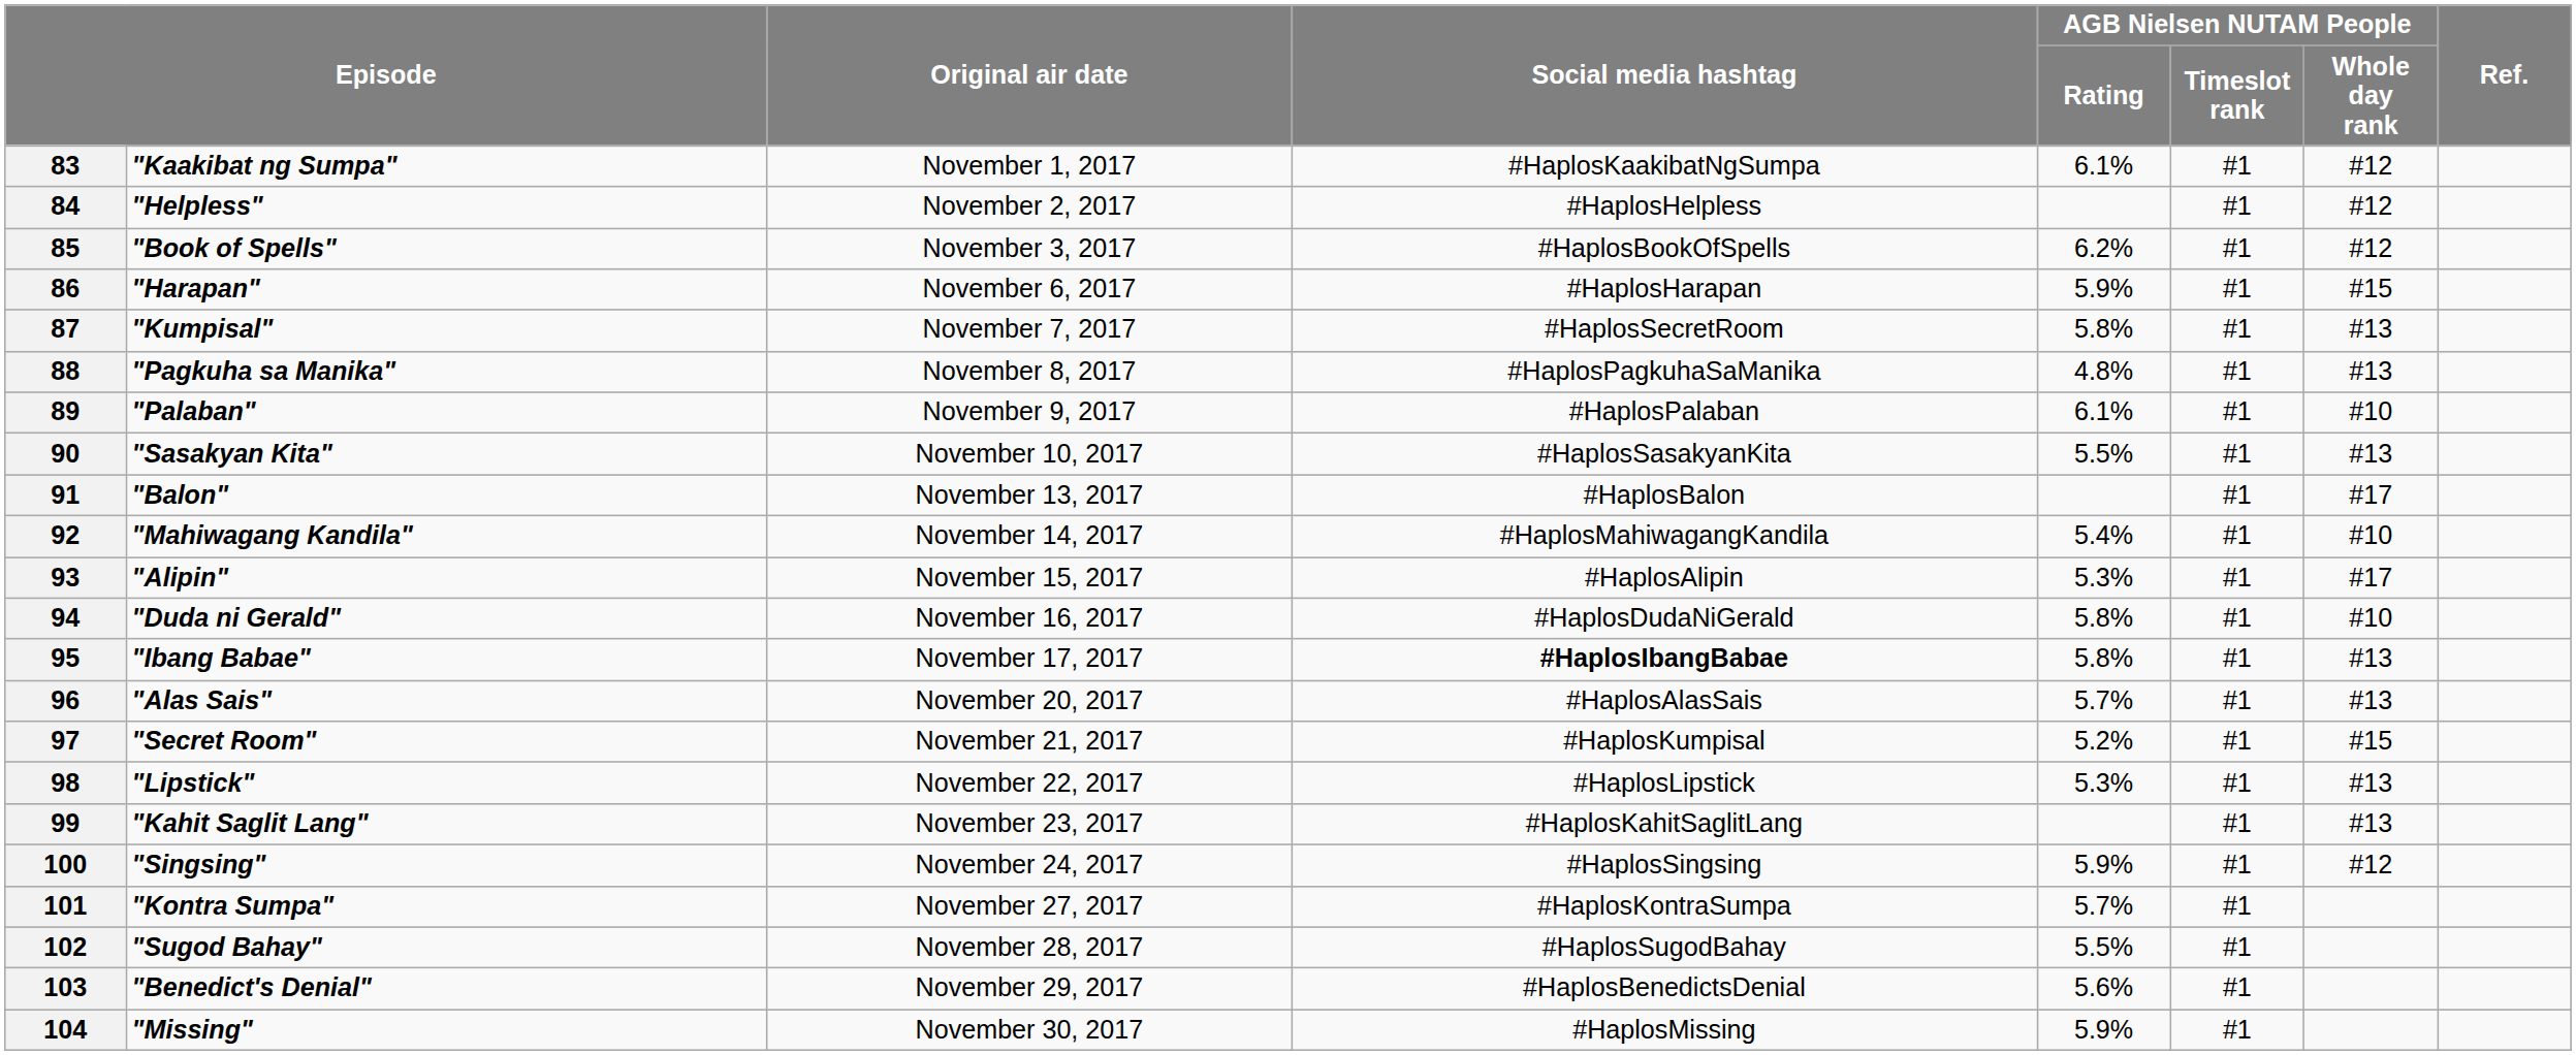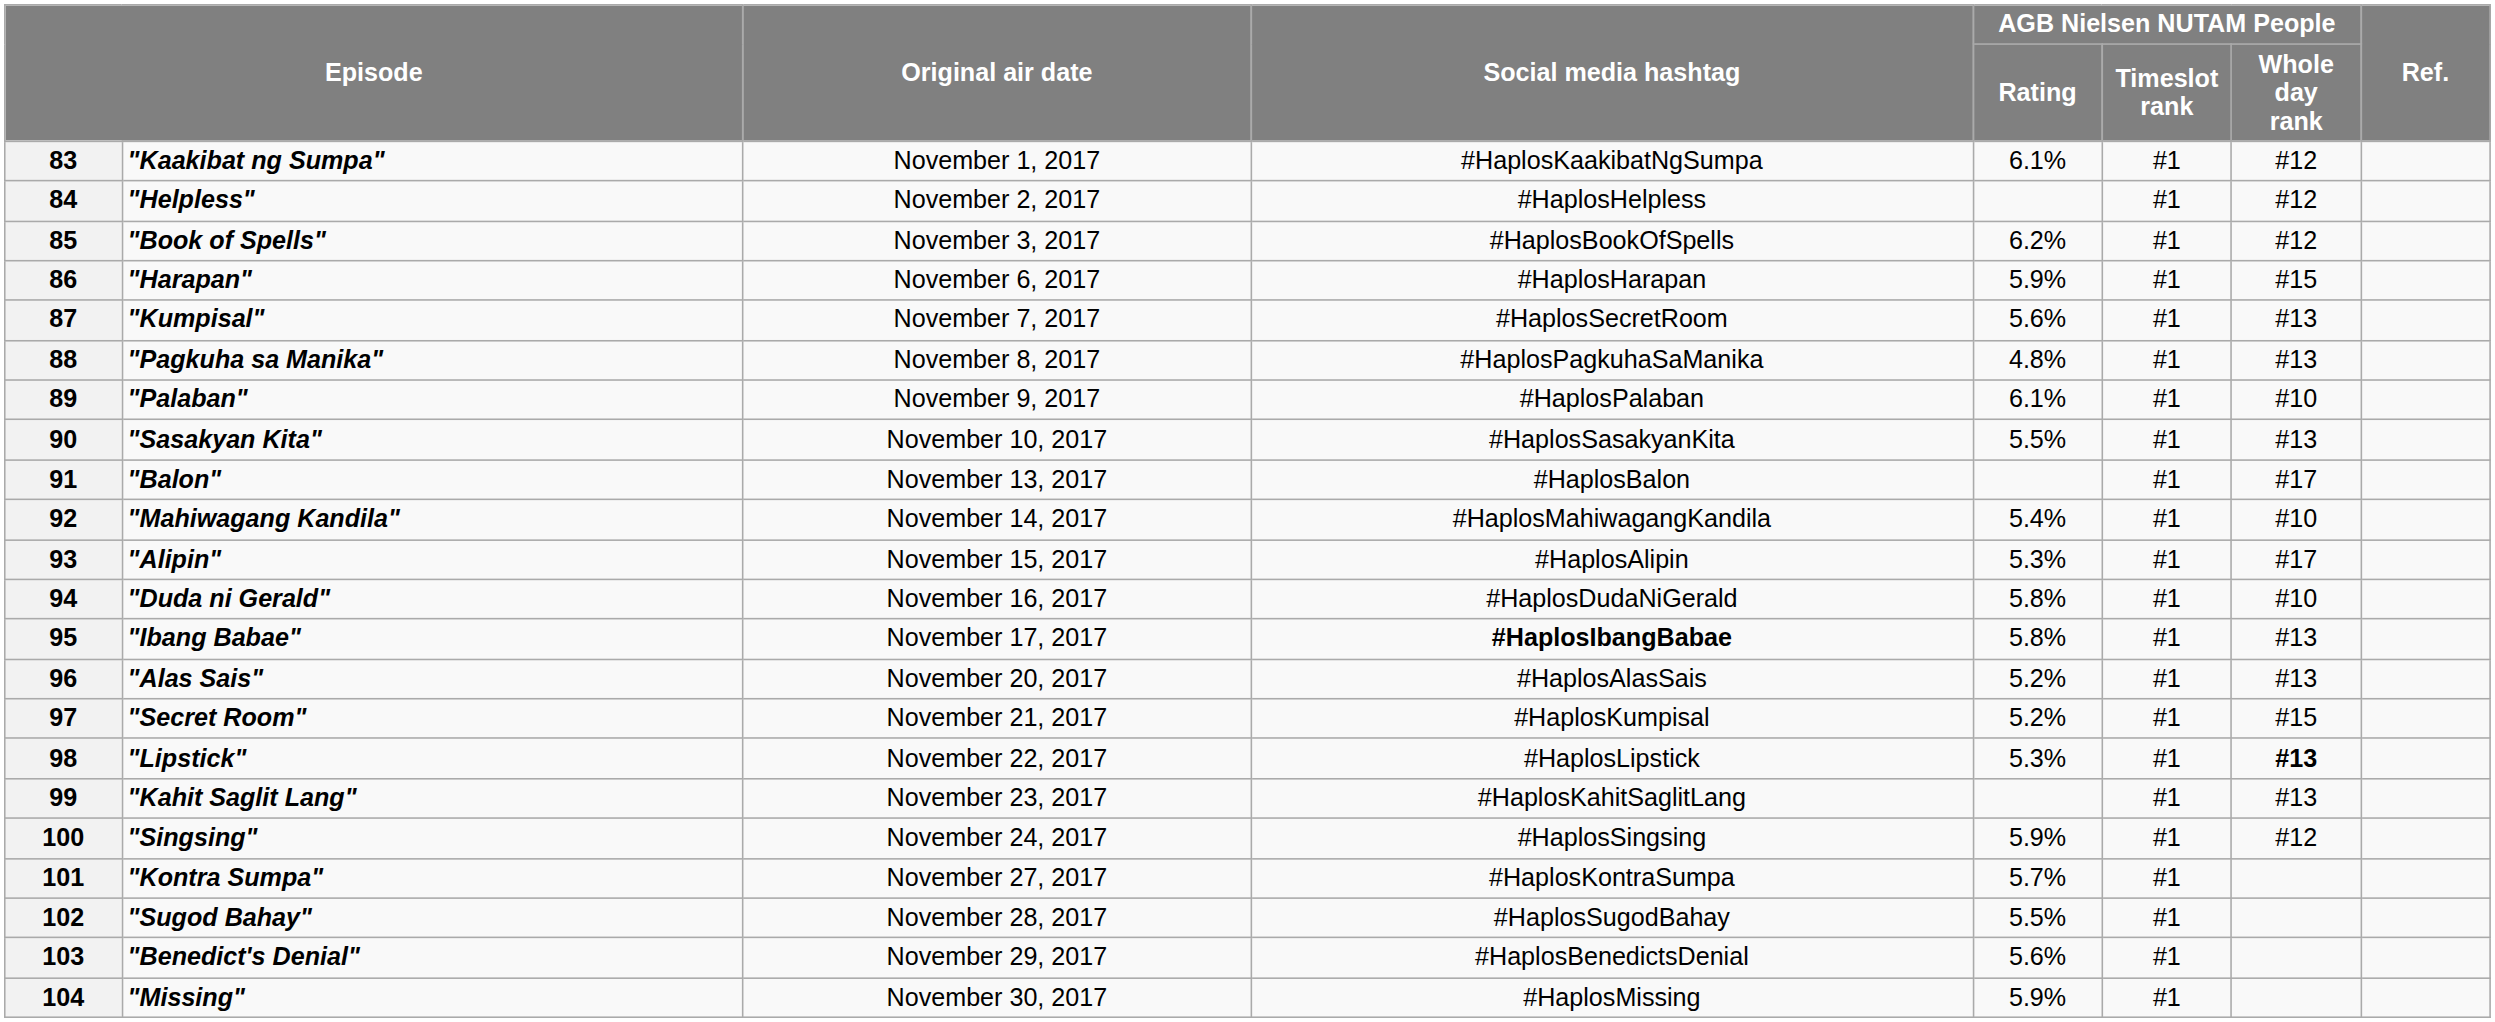 <table class="wikitable" style="text-align:center; font-size:100%; line-height:18px;"  width="100%">
 <tr>
 <th colspan="2" rowspan="2" style="background-color:#808080; color:#ffffff;">Episode</th>
 <th style="background:#808080; color:white" rowspan="2">Original air date</th>
 <th style="background:#808080; color:white" rowspan="2">Social media hashtag</th>
 <th style="background-color:#808080; color:#ffffff;" colspan="3">AGB Nielsen NUTAM People</th>
 <th style="background-color:#808080; color:#ffffff;" rowspan="2">Ref.</th>
 </tr>
 <tr>
 <th style="background-color:#808080; width:75px; color:#ffffff;">Rating</th>
 <th style="background-color:#808080; width:75px; color:#ffffff;">Timeslot<br>rank</th>
 <th style="background-color:#808080; width:75px; color:#ffffff;">Whole day<br>rank</th>
 </tr>
 <tr>
 <th>83</th>
 <td style="text-align: left;"><strong><em>"Kaakibat ng Sumpa"</em></strong></td>
 <td>November 1, 2017</td>
 <td>#HaplosKaakibatNgSumpa</td>
 <td>6.1%</td>
 <td>#1</td>
 <td>#12</td>
 <td></td>
 </tr>
 <tr>
 <th>84</th>
 <td style="text-align: left;"><strong><em>"Helpless"</em></strong></td>
 <td>November 2, 2017</td>
 <td>#HaplosHelpless</td>
 <td></td>
 <td>#1</td>
 <td>#12</td>
 <td></td>
 </tr>
 <tr>
 <th>85</th>
 <td style="text-align: left;"><strong><em>"Book of Spells"</em></strong></td>
 <td>November 3, 2017</td>
 <td>#HaplosBookOfSpells</td>
 <td>6.2%</td>
 <td>#1</td>
 <td>#12</td>
 <td></td>
 </tr>
 <tr>
 <th>86</th>
 <td style="text-align: left;"><strong><em>"Harapan"</em></strong></td>
 <td>November 6, 2017</td>
 <td>#HaplosHarapan</td>
 <td>5.9%</td>
 <td>#1</td>
 <td>#15</td>
 <td></td>
 </tr>
 <tr>
 <th>87</th>
 <td style="text-align: left;"><strong><em>"Kumpisal"</em></strong></td>
 <td>November 7, 2017</td>
 <td>#HaplosSecretRoom</td>
-<td>5.8%</td>
+<td>5.6%</td>
 <td>#1</td>
 <td>#13</td>
 <td></td>
 </tr>
 <tr>
 <th>88</th>
 <td style="text-align: left;"><strong><em>"Pagkuha sa Manika"</em></strong></td>
 <td>November 8, 2017</td>
 <td>#HaplosPagkuhaSaManika</td>
 <td>4.8%</td>
 <td>#1</td>
 <td>#13</td>
 <td></td>
 </tr>
 <tr>
 <th>89</th>
 <td style="text-align: left;"><strong><em>"Palaban"</em></strong></td>
 <td>November 9, 2017</td>
 <td>#HaplosPalaban</td>
 <td>6.1%</td>
 <td>#1</td>
 <td>#10</td>
 <td></td>
 </tr>
 <tr>
 <th>90</th>
 <td style="text-align: left;"><strong><em>"Sasakyan Kita"</em></strong></td>
 <td>November 10, 2017</td>
 <td>#HaplosSasakyanKita</td>
 <td>5.5%</td>
 <td>#1</td>
 <td>#13</td>
 <td></td>
 </tr>
 <tr>
 <th>91</th>
 <td style="text-align: left;"><strong><em>"Balon"</em></strong></td>
 <td>November 13, 2017</td>
 <td>#HaplosBalon</td>
 <td></td>
 <td>#1</td>
 <td>#17</td>
 <td></td>
 </tr>
 <tr>
 <th>92</th>
 <td style="text-align: left;"><strong><em>"Mahiwagang Kandila"</em></strong></td>
 <td>November 14, 2017</td>
 <td>#HaplosMahiwagangKandila</td>
 <td>5.4%</td>
 <td>#1</td>
 <td>#10</td>
 <td></td>
 </tr>
 <tr>
 <th>93</th>
 <td style="text-align: left;"><strong><em>"Alipin"</em></strong></td>
 <td>November 15, 2017</td>
 <td>#HaplosAlipin</td>
 <td>5.3%</td>
 <td>#1</td>
 <td>#17</td>
 <td></td>
 </tr>
 <tr>
 <th>94</th>
 <td style="text-align: left;"><strong><em>"Duda ni Gerald"</em></strong></td>
 <td>November 16, 2017</td>
 <td>#HaplosDudaNiGerald</td>
 <td>5.8%</td>
 <td>#1</td>
 <td>#10</td>
 <td></td>
 </tr>
 <tr>
 <th>95</th>
 <td style="text-align: left;"><strong><em>"Ibang Babae"</em></strong></td>
 <td>November 17, 2017</td>
 <td><strong>#HaplosIbangBabae</strong></td>
 <td>5.8%</td>
 <td>#1</td>
 <td>#13</td>
 <td></td>
 </tr>
 <tr>
 <th>96</th>
 <td style="text-align: left;"><strong><em>"Alas Sais"</em></strong></td>
 <td>November 20, 2017</td>
 <td>#HaplosAlasSais</td>
-<td>5.7%</td>
+<td>5.2%</td>
 <td>#1</td>
 <td>#13</td>
 <td></td>
 </tr>
 <tr>
 <th>97</th>
 <td style="text-align: left;"><strong><em>"Secret Room"</em></strong></td>
 <td>November 21, 2017</td>
 <td>#HaplosKumpisal</td>
 <td>5.2%</td>
 <td>#1</td>
 <td>#15</td>
 <td></td>
 </tr>
 <tr>
 <th>98</th>
 <td style="text-align: left;"><strong><em>"Lipstick"</em></strong></td>
 <td>November 22, 2017</td>
 <td>#HaplosLipstick</td>
 <td>5.3%</td>
 <td>#1</td>
-<td>#13</td>
+<td><strong>#13</strong></td>
 <td></td>
 </tr>
 <tr>
 <th>99</th>
 <td style="text-align: left;"><strong><em>"Kahit Saglit Lang"</em></strong></td>
 <td>November 23, 2017</td>
 <td>#HaplosKahitSaglitLang</td>
 <td></td>
 <td>#1</td>
 <td>#13</td>
 <td></td>
 </tr>
 <tr>
 <th>100</th>
 <td style="text-align: left;"><strong><em>"Singsing"</em></strong></td>
 <td>November 24, 2017</td>
 <td>#HaplosSingsing</td>
 <td>5.9%</td>
 <td>#1</td>
 <td>#12</td>
 <td></td>
 </tr>
 <tr>
 <th>101</th>
 <td style="text-align: left;"><strong><em>"Kontra Sumpa"</em></strong></td>
 <td>November 27, 2017</td>
 <td>#HaplosKontraSumpa</td>
 <td>5.7%</td>
 <td>#1</td>
 <td></td>
 <td></td>
 </tr>
 <tr>
 <th>102</th>
 <td style="text-align: left;"><strong><em>"Sugod Bahay"</em></strong></td>
 <td>November 28, 2017</td>
 <td>#HaplosSugodBahay</td>
 <td>5.5%</td>
 <td>#1</td>
 <td></td>
 <td></td>
 </tr>
 <tr>
 <th>103</th>
 <td style="text-align: left;"><strong><em>"Benedict's Denial"</em></strong></td>
 <td>November 29, 2017</td>
 <td>#HaplosBenedictsDenial</td>
 <td>5.6%</td>
 <td>#1</td>
 <td></td>
 <td></td>
 </tr>
 <tr>
 <th>104</th>
 <td style="text-align: left;"><strong><em>"Missing"</em></strong></td>
 <td>November 30, 2017</td>
 <td>#HaplosMissing</td>
 <td>5.9%</td>
 <td>#1</td>
 <td></td>
 <td></td>
 </tr>
 <tr>
 </tr>
 </table>
